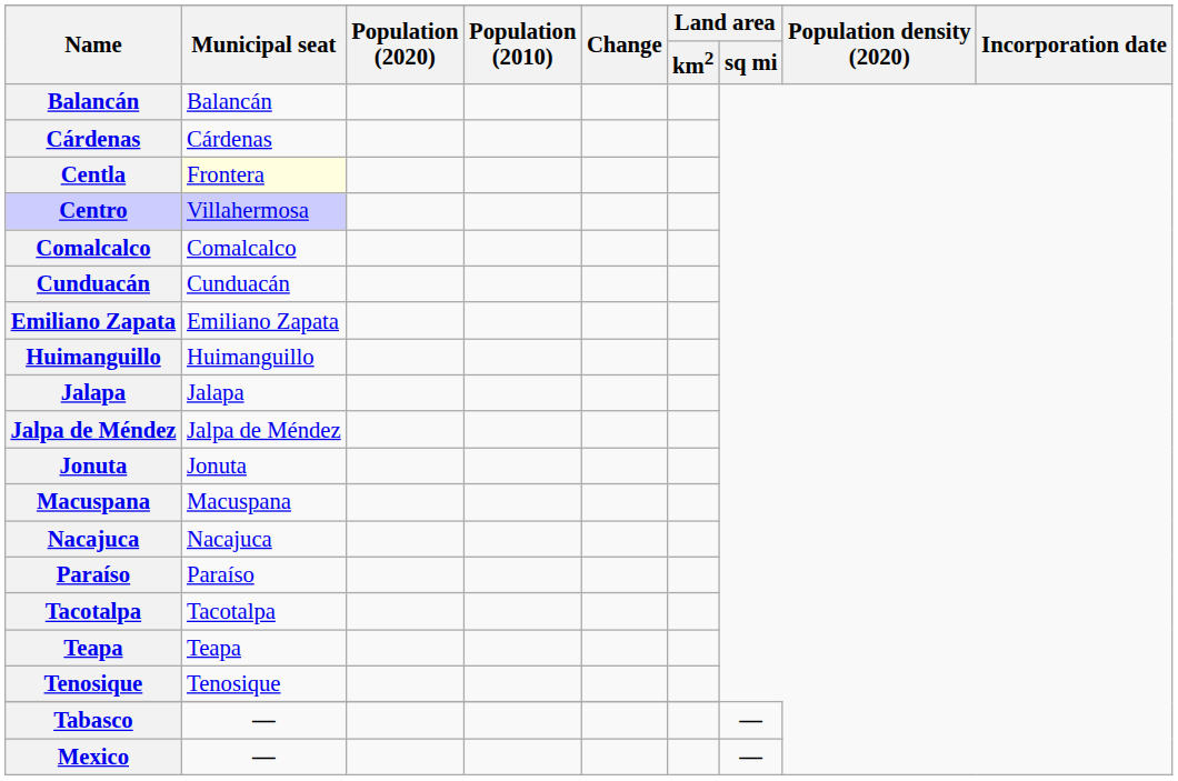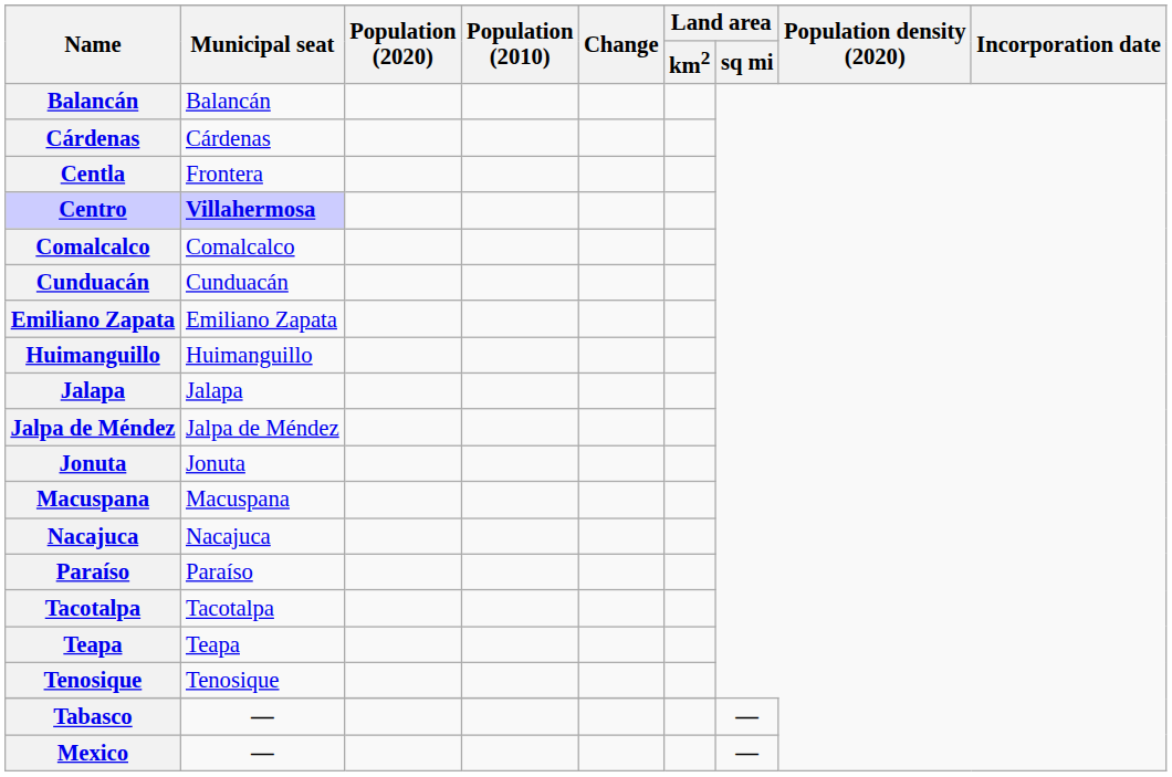 <table class="wikitable sortable" style="text-align:right;">
 <tr>
 </tr>
 <tr>
 <th scope="col"  rowspan=2>Name</th>
 <th scope="col"  rowspan=2>Municipal seat</th>
 <th scope="col"  rowspan=2>Population<br>(2020)</th>
 <th scope="col"  rowspan=2>Population<br>(2010)</th>
 <th scope="col"  rowspan=2>Change</th>
 <th scope="colgroup" data-sort-type="number"  colspan=2>Land area</th>
 <th scope="col" data-sort-type="number"  rowspan=2>Population density<br>(2020)</th>
 <th scope="col"  rowspan=2>Incorporation date</th>
 </tr>
 <tr>
 <th scope="col">km<sup>2</sup></th>
 <th scope="col">sq mi</th>
 </tr>
 <tr>
 <th scope="row" align="left"><a href='#'>Balancán</a></th>
 <td align=left><a href='#'>Balancán</a></td>
 <td></td>
 <td></td>
 <td></td>
 <td></td>
 </tr>
 <tr>
 <th scope="row" align="left"><a href='#'>Cárdenas</a></th>
 <td align=left><a href='#'>Cárdenas</a></td>
 <td></td>
 <td></td>
 <td></td>
 <td></td>
 </tr>
 <tr>
 <th scope="row" align="left"><a href='#'>Centla</a></th>
-<td align=left style="background: lightyellow;"><a href='#'>Frontera</a></td>
+<td align=left><a href='#'>Frontera</a></td>
 <td></td>
 <td></td>
 <td></td>
 <td></td>
 </tr>
 <tr>
 <th scope="row" align="left" style="background:#CCF;"><a href='#'>Centro</a></th>
-<td align=left style="background:#CCF;"><a href='#'>Villahermosa</a></td>
+<td align=left style="background:#CCF;"><strong><a href='#'>Villahermosa</a></strong></td>
 <td></td>
 <td></td>
 <td></td>
 <td></td>
 </tr>
 <tr>
 <th scope="row" align="left"><a href='#'>Comalcalco</a></th>
 <td align=left><a href='#'>Comalcalco</a></td>
 <td></td>
 <td></td>
 <td></td>
 <td></td>
 </tr>
 <tr>
 <th scope="row" align="left"><a href='#'>Cunduacán</a></th>
 <td align=left><a href='#'>Cunduacán</a></td>
 <td></td>
 <td></td>
 <td></td>
 <td></td>
 </tr>
 <tr>
 <th scope="row" align="left"><a href='#'>Emiliano Zapata</a></th>
 <td align=left><a href='#'>Emiliano Zapata</a></td>
 <td></td>
 <td></td>
 <td></td>
 <td></td>
 </tr>
 <tr>
 <th scope="row" align="left"><a href='#'>Huimanguillo</a></th>
 <td align=left><a href='#'>Huimanguillo</a></td>
 <td></td>
 <td></td>
 <td></td>
 <td></td>
 </tr>
 <tr>
 <th scope="row" align="left"><a href='#'>Jalapa</a></th>
 <td align=left><a href='#'>Jalapa</a></td>
 <td></td>
 <td></td>
 <td></td>
 <td></td>
 </tr>
 <tr>
 <th scope="row" align="left"><a href='#'>Jalpa de Méndez</a></th>
 <td align=left><a href='#'>Jalpa de Méndez</a></td>
 <td></td>
 <td></td>
 <td></td>
 <td></td>
 </tr>
 <tr>
 <th scope="row" align="left"><a href='#'>Jonuta</a></th>
 <td align=left><a href='#'>Jonuta</a></td>
 <td></td>
 <td></td>
 <td></td>
 <td></td>
 </tr>
 <tr>
 <th scope="row" align="left"><a href='#'>Macuspana</a></th>
 <td align=left><a href='#'>Macuspana</a></td>
 <td></td>
 <td></td>
 <td></td>
 <td></td>
 </tr>
 <tr>
 <th scope="row" align="left"><a href='#'>Nacajuca</a></th>
 <td align=left><a href='#'>Nacajuca</a></td>
 <td></td>
 <td></td>
 <td></td>
 <td></td>
 </tr>
 <tr>
 <th scope="row" align="left"><a href='#'>Paraíso</a></th>
 <td align=left><a href='#'>Paraíso</a></td>
 <td></td>
 <td></td>
 <td></td>
 <td></td>
 </tr>
 <tr>
 <th scope="row" align="left"><a href='#'>Tacotalpa</a></th>
 <td align=left><a href='#'>Tacotalpa</a></td>
 <td></td>
 <td></td>
 <td></td>
 <td></td>
 </tr>
 <tr>
 <th scope="row" align="left"><a href='#'>Teapa</a></th>
 <td align=left><a href='#'>Teapa</a></td>
 <td></td>
 <td></td>
 <td></td>
 <td></td>
 </tr>
 <tr>
 <th scope="row" align="left"><a href='#'>Tenosique</a></th>
 <td align=left><a href='#'>Tenosique</a></td>
 <td></td>
 <td></td>
 <td></td>
 <td></td>
 </tr>
 <tr>
 </tr>
 <tr class="sortbottom" style="text-align:center;" style="background: #f2f2f2;">
 <th scope="row" align="left"><strong><a href='#'>Tabasco</a></strong></th>
 <td><strong>—</strong></td>
 <td></td>
 <td><strong></strong></td>
 <td><strong></strong></td>
 <td align="right"><strong></strong></td>
 <td><strong>—</strong></td>
 </tr>
 <tr class="sortbottom" style="text-align:center;" style="background: #f2f2f2;">
 <th scope="row" align="left"><strong><a href='#'>Mexico</a></strong></th>
 <td><strong>—</strong></td>
 <td></td>
 <td><strong></strong></td>
 <td><strong></strong></td>
 <td align="right"><strong></strong></td>
 <td><strong>—</strong></td>
 </tr>
 </table>
